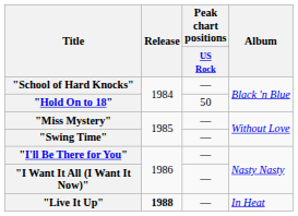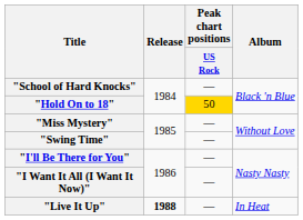 <table class="wikitable plainrowheaders" style="text-align:center;">
 <tr>
 <th scope="col" rowspan="2" style="width:12em;">Title</th>
 <th scope="col" rowspan="2">Release</th>
 <th colspan="1">Peak chart positions</th>
 <th rowspan="2">Album</th>
 </tr>
 <tr>
 <th width="40px"><small><a href='#'>US<br>Rock</a></small></th>
 </tr>
 <tr>
 <th scope="row">"School of Hard Knocks"</th>
 <td rowspan=2>1984</td>
 <td>—</td>
 <td align=left rowspan=2><em><a href='#'>Black 'n Blue</a></em></td>
 </tr>
 <tr>
 <th scope="row">"<a href='#'>Hold On to 18</a>"</th>
-<td>50</td>
+<td style="background: gold;">50</td>
 </tr>
 <tr>
 <th scope="row">"Miss Mystery"</th>
 <td rowspan=2>1985</td>
 <td>—</td>
 <td align=left rowspan=2><em><a href='#'>Without Love</a></em></td>
 </tr>
 <tr>
 <th scope="row">"Swing Time"</th>
 <td>—</td>
 </tr>
 <tr>
 <th scope="row">"<a href='#'>I'll Be There for You</a>"</th>
 <td rowspan=2>1986</td>
 <td>—</td>
 <td align=left rowspan=2><em><a href='#'>Nasty Nasty</a></em></td>
 </tr>
 <tr>
 <th scope="row">"I Want It All (I Want It Now)"</th>
 <td>—</td>
 </tr>
 <tr>
 <th scope="row">"Live It Up"</th>
 <td><strong>1988</strong></td>
 <td>—</td>
 <td align=left><em><a href='#'>In Heat</a></em></td>
 </tr>
 </table>
